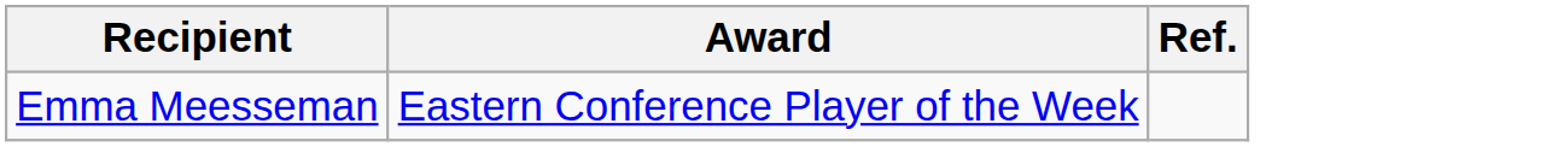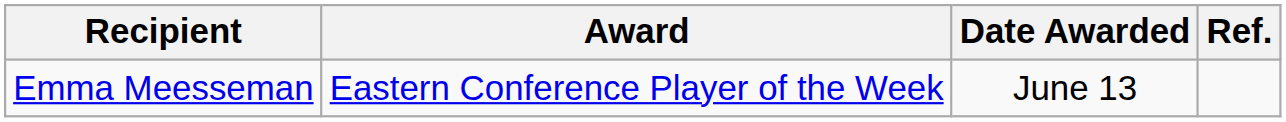 <table class="wikitable sortable" style="text-align: center">
 <tr>
 <th>Recipient</th>
 <th>Award</th>
+<th>Date Awarded</th>
 <th>Ref.</th>
 </tr>
 <tr>
 <td><a href='#'>Emma Meesseman</a></td>
 <td><a href='#'>Eastern Conference Player of the Week</a></td>
+<td>June 13</td>
 <td></td>
 </tr>
 </table>
